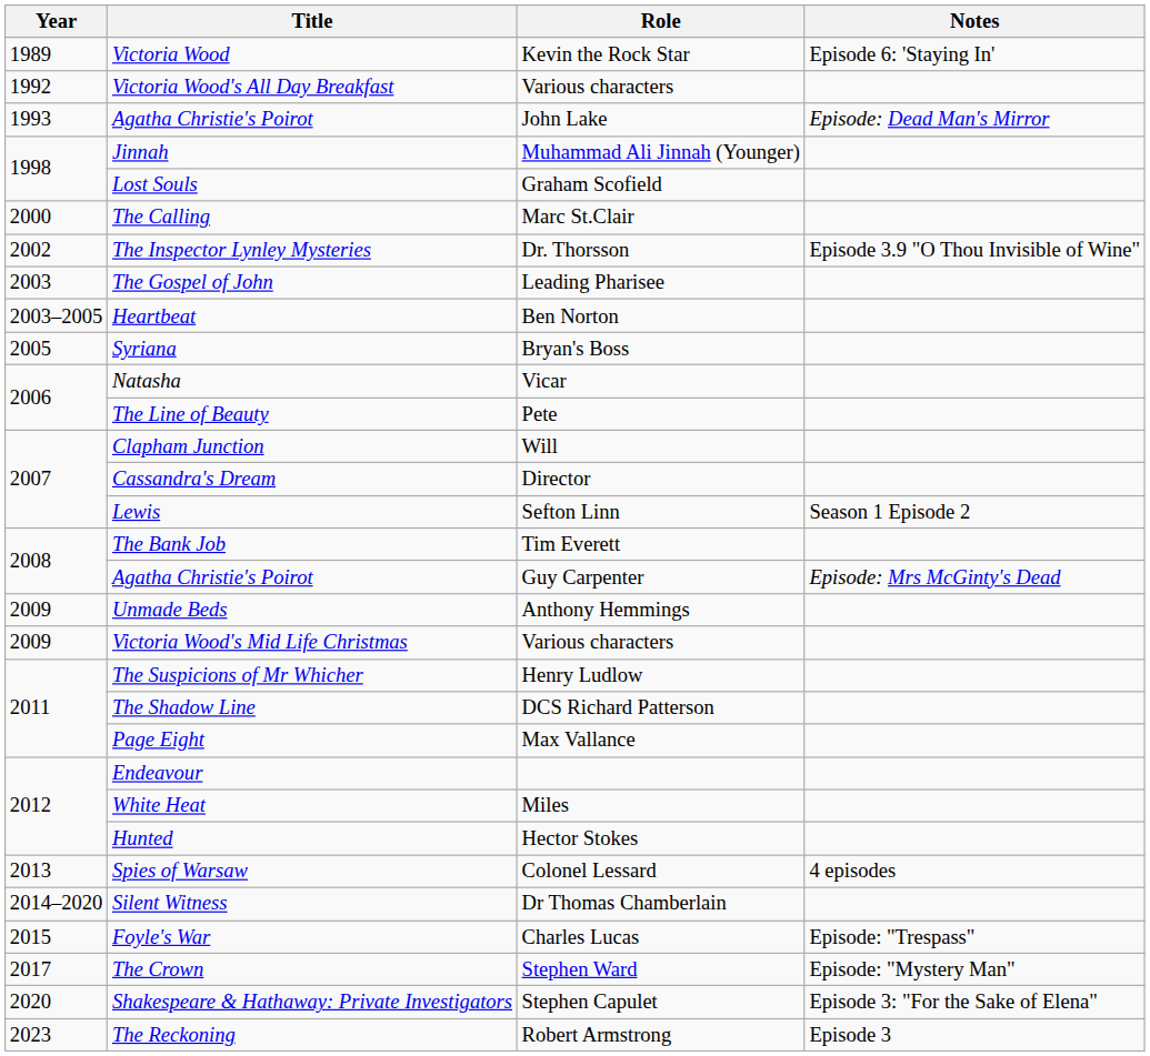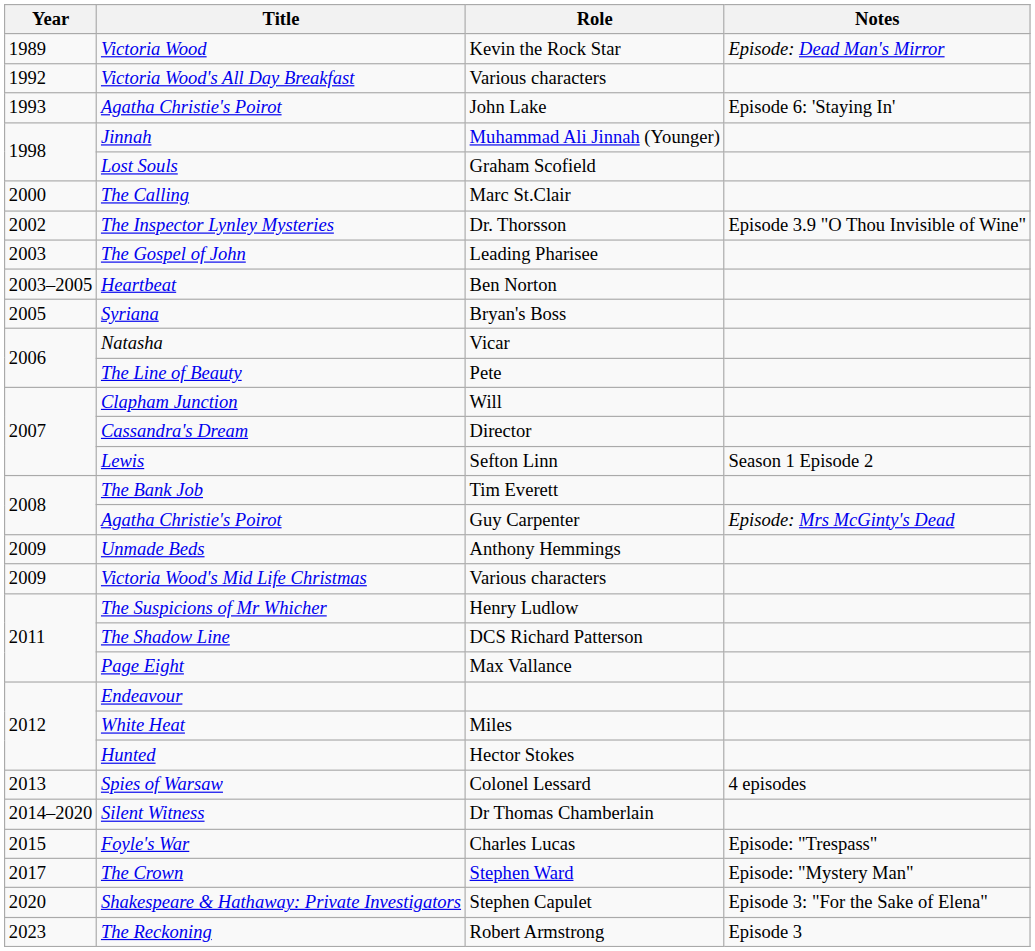 <table class="wikitable sortable">
 <tr>
 <th>Year</th>
 <th>Title</th>
 <th>Role</th>
 <th class = "unsortable">Notes</th>
 </tr>
 <tr>
 <td>1989</td>
 <td><em><a href='#'>Victoria Wood</a></em></td>
 <td>Kevin the Rock Star</td>
-<td>Episode 6: 'Staying In'</td>
+<td><em>Episode: <a href='#'>Dead Man's Mirror</a></em></td>
 </tr>
 <tr>
 <td>1992</td>
 <td><em><a href='#'>Victoria Wood's All Day Breakfast</a></em></td>
 <td>Various characters</td>
 <td></td>
 </tr>
 <tr>
 <td>1993</td>
 <td><em><a href='#'>Agatha Christie's Poirot</a></em></td>
 <td>John Lake</td>
-<td><em>Episode: <a href='#'>Dead Man's Mirror</a></em></td>
+<td>Episode 6: 'Staying In'</td>
 </tr>
 <tr>
 <td rowspan=2>1998</td>
 <td><em><a href='#'>Jinnah</a></em></td>
 <td><a href='#'>Muhammad Ali Jinnah</a> (Younger)</td>
 <td></td>
 </tr>
 <tr>
 <td><em><a href='#'>Lost Souls</a></em></td>
 <td>Graham Scofield</td>
 <td></td>
 </tr>
 <tr>
 <td>2000</td>
 <td><em><a href='#'>The Calling</a></em></td>
 <td>Marc St.Clair</td>
 <td></td>
 </tr>
 <tr>
 <td>2002</td>
 <td><em><a href='#'>The Inspector Lynley Mysteries</a></em></td>
 <td>Dr. Thorsson</td>
 <td>Episode 3.9 "O Thou Invisible of Wine"</td>
 </tr>
 <tr>
 <td>2003</td>
 <td><em><a href='#'>The Gospel of John</a></em></td>
 <td>Leading Pharisee</td>
 <td></td>
 </tr>
 <tr>
 <td>2003–2005</td>
 <td><em><a href='#'>Heartbeat</a></em></td>
 <td>Ben Norton</td>
 <td></td>
 </tr>
 <tr>
 <td>2005</td>
 <td><em><a href='#'>Syriana</a></em></td>
 <td>Bryan's Boss</td>
 <td></td>
 </tr>
 <tr>
 <td rowspan=2>2006</td>
 <td><em>Natasha</em></td>
 <td>Vicar</td>
 <td></td>
 </tr>
 <tr>
 <td><em><a href='#'>The Line of Beauty</a></em></td>
 <td>Pete</td>
 <td></td>
 </tr>
 <tr>
 <td rowspan=3>2007</td>
 <td><em><a href='#'>Clapham Junction</a></em></td>
 <td>Will</td>
 <td></td>
 </tr>
 <tr>
 <td><em><a href='#'>Cassandra's Dream</a></em></td>
 <td>Director</td>
 <td></td>
 </tr>
 <tr>
 <td><em><a href='#'>Lewis</a></em></td>
 <td>Sefton Linn</td>
 <td>Season 1 Episode 2</td>
 </tr>
 <tr>
 <td rowspan=2>2008</td>
 <td><em><a href='#'>The Bank Job</a></em></td>
 <td>Tim Everett</td>
 <td></td>
 </tr>
 <tr>
 <td><em><a href='#'>Agatha Christie's Poirot</a></em></td>
 <td>Guy Carpenter</td>
 <td><em>Episode: <a href='#'>Mrs McGinty's Dead</a></em></td>
 </tr>
 <tr>
 <td>2009</td>
 <td><em><a href='#'>Unmade Beds</a></em></td>
 <td>Anthony Hemmings</td>
 <td></td>
 </tr>
 <tr>
 <td>2009</td>
 <td><em><a href='#'>Victoria Wood's Mid Life Christmas</a></em></td>
 <td>Various characters</td>
 <td></td>
 </tr>
 <tr>
 <td rowspan=3>2011</td>
 <td><em><a href='#'>The Suspicions of Mr Whicher</a></em></td>
 <td>Henry Ludlow</td>
 <td></td>
 </tr>
 <tr>
 <td><em><a href='#'>The Shadow Line</a></em></td>
 <td>DCS Richard Patterson</td>
 <td></td>
 </tr>
 <tr>
 <td><em><a href='#'>Page Eight</a></em></td>
 <td>Max Vallance</td>
 <td></td>
 </tr>
 <tr>
 <td rowspan=3>2012</td>
 <td><em><a href='#'>Endeavour</a></em></td>
 <td></td>
 <td></td>
 </tr>
 <tr>
 <td><em><a href='#'>White Heat</a></em></td>
 <td>Miles</td>
 <td></td>
 </tr>
 <tr>
 <td><em><a href='#'>Hunted</a></em></td>
 <td>Hector Stokes</td>
 <td></td>
 </tr>
 <tr>
 <td>2013</td>
 <td><em><a href='#'>Spies of Warsaw</a></em></td>
 <td>Colonel Lessard</td>
 <td>4 episodes</td>
 </tr>
 <tr>
 <td>2014–2020</td>
 <td><em><a href='#'>Silent Witness</a></em></td>
 <td>Dr Thomas Chamberlain</td>
 <td></td>
 </tr>
 <tr>
 <td>2015</td>
 <td><em><a href='#'>Foyle's War</a></em></td>
 <td>Charles Lucas</td>
 <td>Episode: "Trespass"</td>
 </tr>
 <tr>
 <td>2017</td>
 <td><em><a href='#'>The Crown</a></em></td>
 <td><a href='#'>Stephen Ward</a></td>
 <td>Episode: "Mystery Man"</td>
 </tr>
 <tr>
 <td>2020</td>
 <td><em><a href='#'>Shakespeare & Hathaway: Private Investigators</a></em></td>
 <td>Stephen Capulet</td>
 <td>Episode 3: "For the Sake of Elena"</td>
 </tr>
 <tr>
 <td>2023</td>
 <td><em><a href='#'>The Reckoning</a></em></td>
 <td>Robert Armstrong</td>
 <td>Episode 3</td>
 </tr>
 </table>
